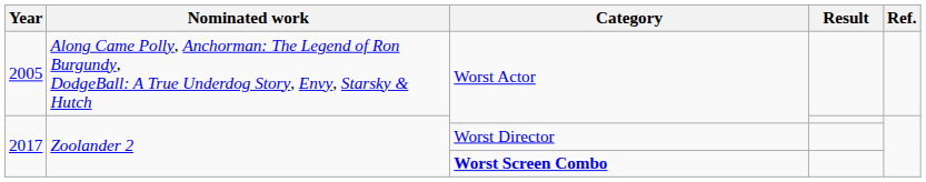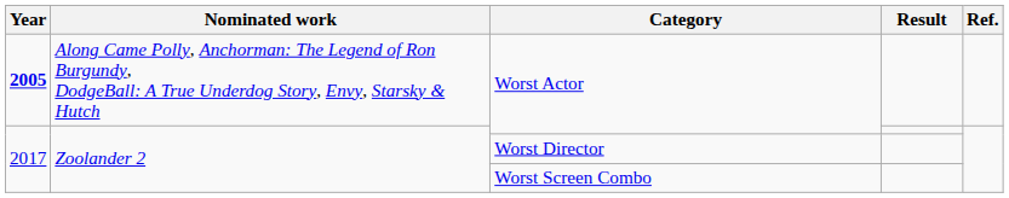 <table class=wikitable>
 <tr>
 <th scope="col" style="width:1em;">Year</th>
 <th scope="col" style="width:39em;">Nominated work</th>
 <th scope="col" style="width:35em;">Category</th>
 <th scope="col" style="width:5em;">Result</th>
 <th scope="col" style="width:1em;">Ref.</th>
 </tr>
 <tr>
-<td><a href='#'>2005</a></td>
+<td><strong><a href='#'>2005</a></strong></td>
 <td><em><a href='#'>Along Came Polly</a></em>, <em><a href='#'>Anchorman: The Legend of Ron Burgundy</a></em>,<br><em><a href='#'>DodgeBall: A True Underdog Story</a></em>, <em><a href='#'>Envy</a></em>, <em><a href='#'>Starsky & Hutch</a></em></td>
 <td rowspan="2"><a href='#'>Worst Actor</a></td>
 <td></td>
 <td></td>
 </tr>
 <tr>
 <td rowspan="3"><a href='#'>2017</a></td>
 <td rowspan="3"><em><a href='#'>Zoolander 2</a></em></td>
 <td></td>
 <td rowspan="3"></td>
 </tr>
 <tr>
 <td><a href='#'>Worst Director</a></td>
 <td></td>
 </tr>
 <tr>
-<td><strong><a href='#'>Worst Screen Combo</a></strong></td>
+<td><a href='#'>Worst Screen Combo</a></td>
 <td></td>
 </tr>
 </table>
